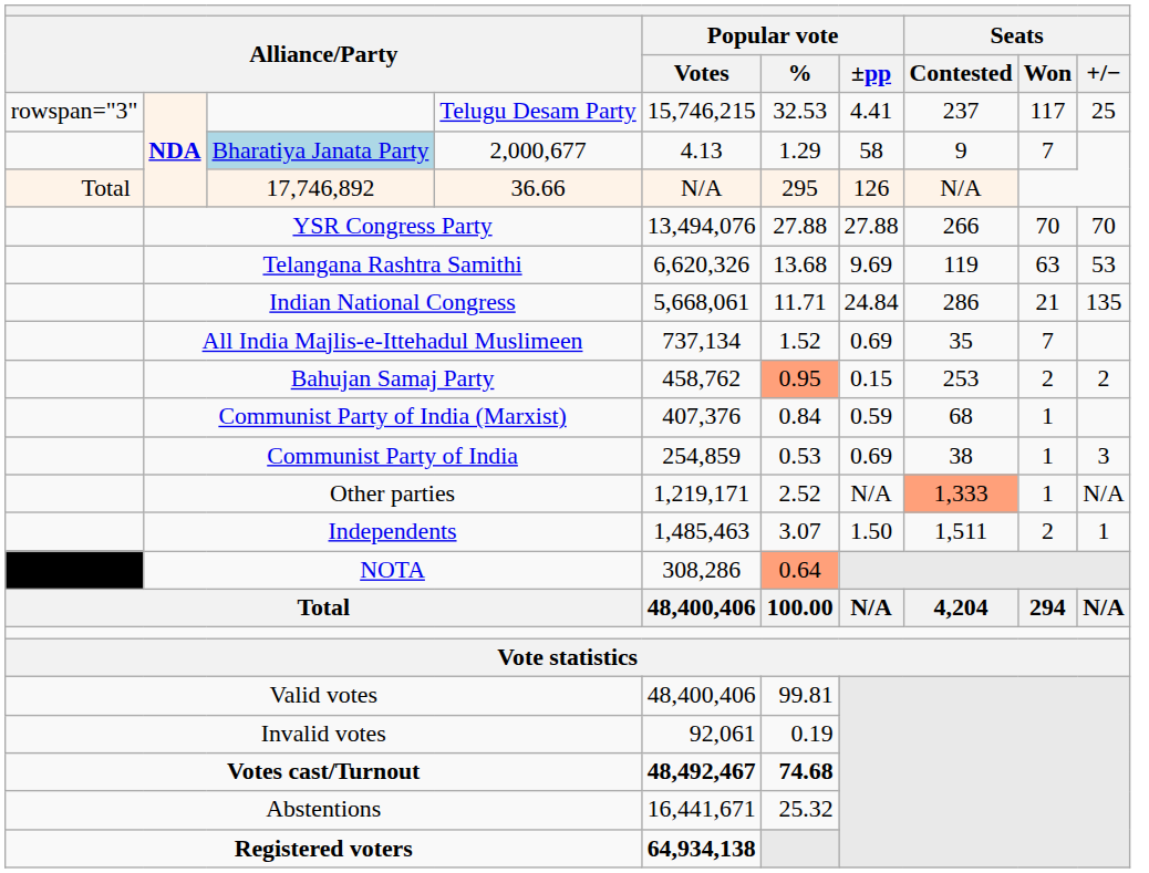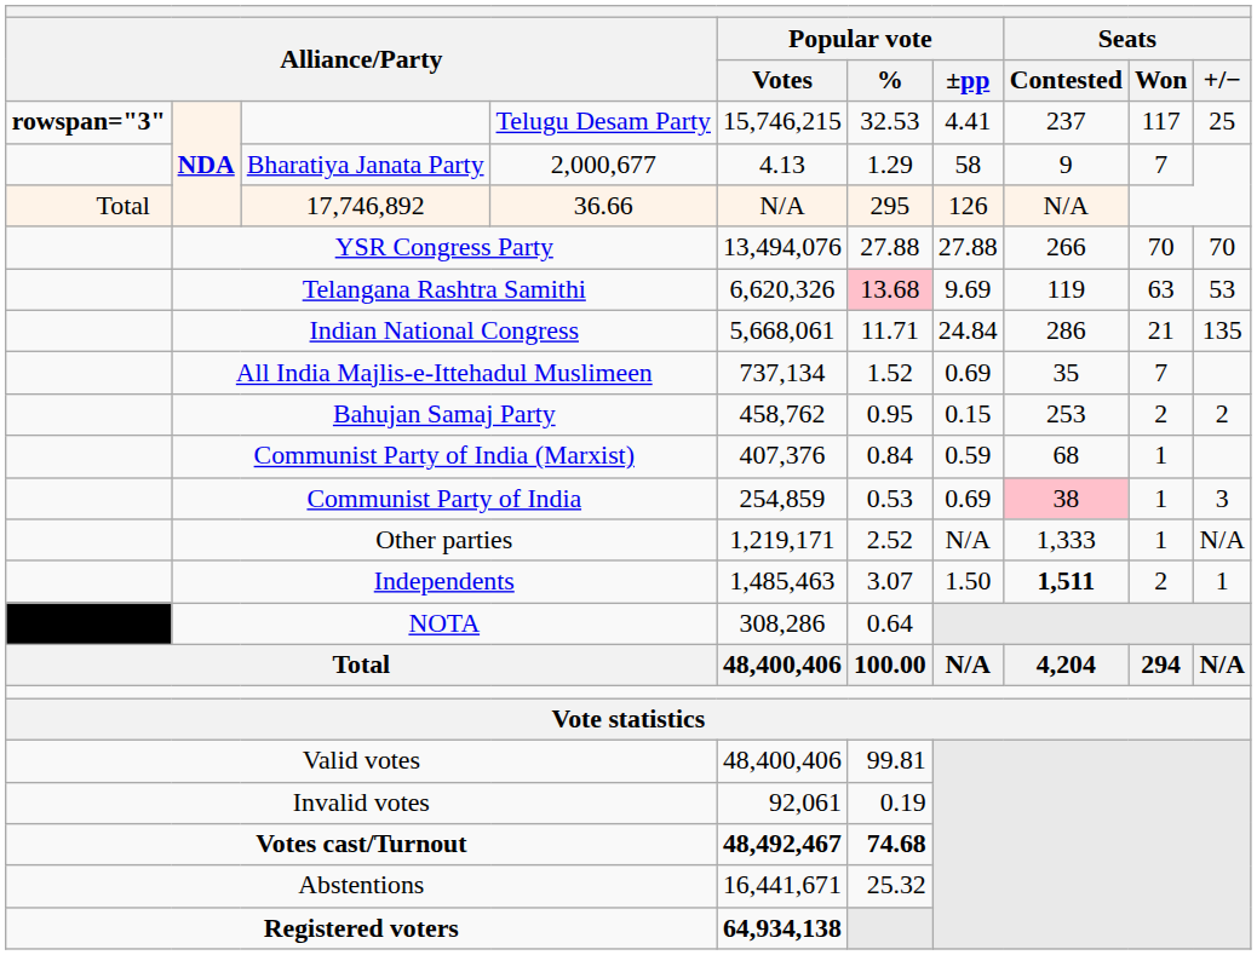 <table class="wikitable sortable" style="text-align:center;">
 <tr>
 <th colspan=10></th>
 </tr>
 <tr>
 <th colspan="4" rowspan="2">Alliance/Party</th>
 <th colspan="3">Popular vote</th>
 <th colspan="3">Seats</th>
 </tr>
 <tr>
 <th>Votes</th>
 <th>%</th>
 <th>±<a href='#'>pp</a></th>
 <th>Contested</th>
 <th>Won</th>
 <th><strong>+/−</strong></th>
 </tr>
 <tr>
-<td>rowspan="3" </td>
+<td><strong>rowspan="3" </strong></td>
 <th rowspan="3" style="background:#FEF3E8"><a href='#'>NDA</a></th>
 <td></td>
 <td><a href='#'>Telugu Desam Party</a></td>
 <td>15,746,215</td>
 <td>32.53</td>
 <td> 4.41</td>
 <td>237</td>
 <td>117</td>
 <td> 25</td>
 </tr>
 <tr>
 <td></td>
-<td style="background: lightblue;"><a href='#'>Bharatiya Janata Party</a></td>
+<td><a href='#'>Bharatiya Janata Party</a></td>
 <td>2,000,677</td>
 <td>4.13</td>
 <td> 1.29</td>
 <td>58</td>
 <td>9</td>
 <td> 7</td>
 </tr>
 <tr>
 <td colspan="2" style="background:#FEF3E8">Total</td>
 <td style="background:#FEF3E8">17,746,892</td>
 <td style="background:#FEF3E8">36.66</td>
 <td style="background:#FEF3E8">N/A</td>
 <td style="background:#FEF3E8">295</td>
 <td style="background:#FEF3E8">126</td>
 <td style="background:#FEF3E8">N/A</td>
 </tr>
 <tr>
 <td></td>
 <td colspan="3"><a href='#'>YSR Congress Party</a></td>
 <td>13,494,076</td>
 <td>27.88</td>
 <td> 27.88</td>
 <td>266</td>
 <td>70</td>
 <td> 70</td>
 </tr>
 <tr>
 <td></td>
 <td colspan="3"><a href='#'>Telangana Rashtra Samithi</a></td>
 <td>6,620,326</td>
-<td>13.68</td>
+<td style="background: pink;">13.68</td>
 <td> 9.69</td>
 <td>119</td>
 <td>63</td>
 <td> 53</td>
 </tr>
 <tr>
 <td></td>
 <td colspan="3"><a href='#'>Indian National Congress</a></td>
 <td>5,668,061</td>
 <td>11.71</td>
 <td> 24.84</td>
 <td>286</td>
 <td>21</td>
 <td> 135</td>
 </tr>
 <tr>
 <td></td>
 <td colspan="3"><a href='#'>All India Majlis-e-Ittehadul Muslimeen</a></td>
 <td>737,134</td>
 <td>1.52</td>
 <td> 0.69</td>
 <td>35</td>
 <td>7</td>
 <td></td>
 </tr>
 <tr>
 <td></td>
 <td colspan="3"><a href='#'>Bahujan Samaj Party</a></td>
 <td>458,762</td>
-<td style="background: lightsalmon;">0.95</td>
+<td>0.95</td>
 <td> 0.15</td>
 <td>253</td>
 <td>2</td>
 <td> 2</td>
 </tr>
 <tr>
 <td></td>
 <td colspan="3"><a href='#'>Communist Party of India (Marxist)</a></td>
 <td>407,376</td>
 <td>0.84</td>
 <td> 0.59</td>
 <td>68</td>
 <td>1</td>
 <td></td>
 </tr>
 <tr>
 <td></td>
 <td colspan="3"><a href='#'>Communist Party of India</a></td>
 <td>254,859</td>
 <td>0.53</td>
 <td> 0.69</td>
-<td>38</td>
+<td style="background: pink;">38</td>
 <td>1</td>
 <td> 3</td>
 </tr>
 <tr>
 <td></td>
 <td colspan=3>Other parties</td>
 <td>1,219,171</td>
 <td>2.52</td>
 <td>N/A</td>
-<td style="background: lightsalmon;">1,333</td>
+<td>1,333</td>
 <td>1</td>
 <td>N/A</td>
 </tr>
 <tr>
 <td></td>
 <td colspan="3"><a href='#'>Independents</a></td>
 <td>1,485,463</td>
 <td>3.07</td>
 <td> 1.50</td>
-<td>1,511</td>
+<td><strong>1,511</strong></td>
 <td>2</td>
 <td> 1</td>
 </tr>
 <tr>
 <td bgcolor="black"></td>
 <td colspan="3"><a href='#'>NOTA</a></td>
 <td>308,286</td>
-<td style="background: lightsalmon;">0.64</td>
+<td>0.64</td>
 <th colspan="4" style="background-color:#E9E9E9"></th>
 </tr>
 <tr>
 <th colspan="4">Total</th>
 <th>48,400,406</th>
 <th>100.00</th>
 <th>N/A</th>
 <th>4,204</th>
 <th>294</th>
 <th>N/A</th>
 </tr>
 <tr>
 <td colspan="10"></td>
 </tr>
 <tr>
 <th colspan="10">Vote statistics</th>
 </tr>
 <tr>
 <td colspan="4">Valid votes</td>
 <td align="right">48,400,406</td>
 <td align="right">99.81</td>
 <th colspan="4" rowspan="5" style="background-color:#E9E9E9"></th>
 </tr>
 <tr>
 <td colspan="4">Invalid votes</td>
 <td align="right">92,061</td>
 <td align="right">0.19</td>
 </tr>
 <tr>
 <td colspan="4"><strong>Votes cast/Turnout</strong></td>
 <td align="right"><strong>48,492,467</strong></td>
 <td align="right"><strong>74.68</strong></td>
 </tr>
 <tr>
 <td colspan="4">Abstentions</td>
 <td align="right">16,441,671</td>
 <td align="right">25.32</td>
 </tr>
 <tr>
 <td colspan="4"><strong>Registered voters</strong></td>
 <td align="right"><strong>64,934,138</strong></td>
 <td style="background-color:#E9E9E9"></td>
 </tr>
 </table>
